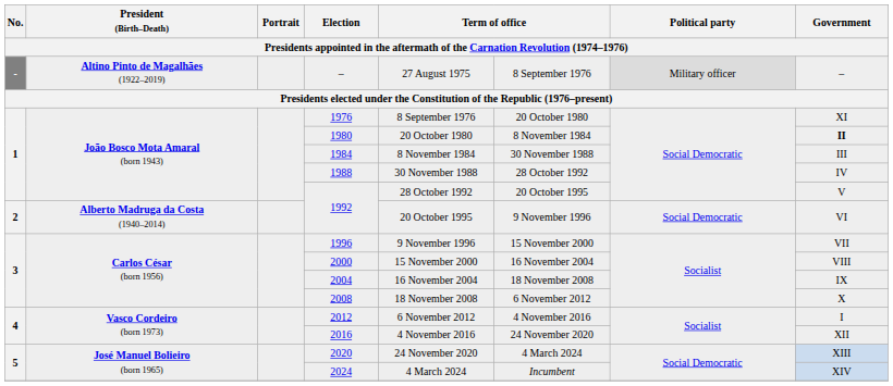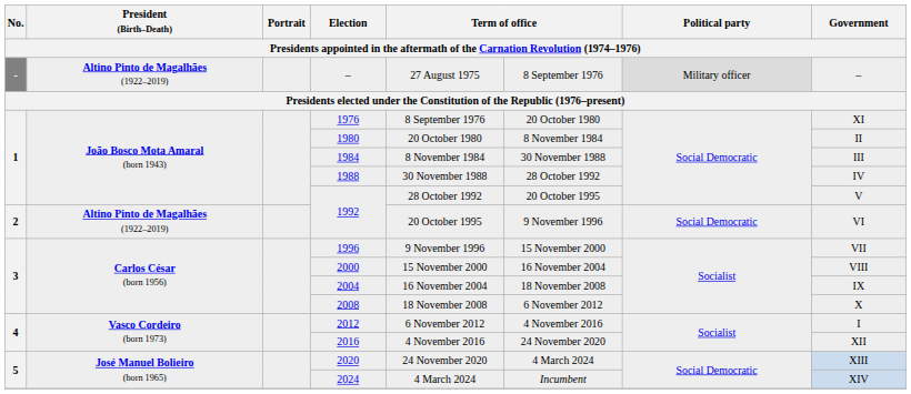 <table class="wikitable" style="text-align:center; font-size:95%; width=100%; line-height:19px;">
 <tr>
 <th width=1%>No.</th>
 <th width=25%>President<br><small>(Birth–Death)</small></th>
 <th width=5%>Portrait</th>
 <th width=8%>Election</th>
 <th colspan="2" width=25%>Term of office</th>
 <th width=20%>Political party</th>
 <th width=10%>Government</th>
 </tr>
 <tr style="background:#cccccc">
 <th colspan="9">Presidents appointed in the aftermath of the <a href='#'>Carnation Revolution</a> (1974–1976)</th>
 </tr>
 <tr bgcolor=#EEEEEE>
 <th style="background:gray; color:white;">-</th>
 <td><strong><a href='#'>Altino Pinto de Magalhães</a></strong><br><small>(1922–2019)</small></td>
 <td></td>
 <td>–</td>
 <td>27 August 1975</td>
 <td>8 September 1976</td>
 <td bgcolor=#DCDCDC>Military officer</td>
 <td>–</td>
 </tr>
 <tr style="background:#cccccc">
 <th colspan=9>Presidents elected under the Constitution of the Republic (1976–present)</th>
 </tr>
 <tr bgcolor=#EEEEEE>
 <th rowspan=5 style="background:">1</th>
 <td rowspan=5><strong><a href='#'>João Bosco Mota Amaral</a></strong><br><small>(born 1943)</small></td>
 <td rowspan=5></td>
 <td><a href='#'>1976</a></td>
 <td>8 September 1976</td>
 <td>20 October 1980</td>
 <td rowspan=5 ><a href='#'>Social Democratic</a></td>
 <td>XI </td>
 </tr>
 <tr bgcolor=#EEEEEE>
 <td><a href='#'>1980</a></td>
 <td>20 October 1980</td>
 <td>8 November 1984</td>
-<td><strong>II </strong></td>
+<td>II </td>
 </tr>
 <tr bgcolor=#EEEEEE>
 <td><a href='#'>1984</a></td>
 <td>8 November 1984</td>
 <td>30 November 1988</td>
 <td>III </td>
 </tr>
 <tr bgcolor=#EEEEEE>
 <td><a href='#'>1988</a></td>
 <td>30 November 1988</td>
 <td>28 October 1992</td>
 <td>IV </td>
 </tr>
 <tr bgcolor=#EEEEEE>
 <td rowspan=2><a href='#'>1992</a></td>
 <td>28 October 1992</td>
 <td>20 October 1995</td>
 <td>V </td>
 </tr>
 <tr bgcolor=#EEEEEE>
 <th style="background:">2</th>
-<td><strong><a href='#'>Alberto Madruga da Costa</a></strong><br><small>(1940–2014)</small></td>
+<td><strong><a href='#'>Altino Pinto de Magalhães</a></strong><br><small>(1922–2019)</small></td>
 <td></td>
 <td>20 October 1995</td>
 <td>9 November 1996</td>
 <td><a href='#'>Social Democratic</a></td>
 <td>VI </td>
 </tr>
 <tr bgcolor=#EEEEEE>
 <th rowspan=4 style="background:">3</th>
 <td rowspan=4><strong><a href='#'>Carlos César</a></strong><br><small>(born 1956)</small></td>
 <td rowspan=4></td>
 <td><a href='#'>1996</a></td>
 <td>9 November 1996</td>
 <td>15 November 2000</td>
 <td rowspan=4 ><a href='#'>Socialist</a></td>
 <td>VII </td>
 </tr>
 <tr bgcolor=#EEEEEE>
 <td><a href='#'>2000</a></td>
 <td>15 November 2000</td>
 <td>16 November 2004</td>
 <td>VIII </td>
 </tr>
 <tr bgcolor=#EEEEEE>
 <td><a href='#'>2004</a></td>
 <td>16 November 2004</td>
 <td>18 November 2008</td>
 <td>IX </td>
 </tr>
 <tr bgcolor=#EEEEEE>
 <td><a href='#'>2008</a></td>
 <td>18 November 2008</td>
 <td>6 November 2012</td>
 <td>X </td>
 </tr>
 <tr bgcolor=#EEEEEE>
 <th rowspan=2 style="background:">4</th>
 <td rowspan=2><strong><a href='#'>Vasco Cordeiro</a></strong><br><small>(born 1973)</small></td>
 <td rowspan=2></td>
 <td><a href='#'>2012</a></td>
 <td>6 November 2012</td>
 <td>4 November 2016</td>
 <td rowspan=2 ><a href='#'>Socialist</a></td>
 <td>I </td>
 </tr>
 <tr bgcolor=#EEEEEE>
 <td><a href='#'>2016</a></td>
 <td>4 November 2016</td>
 <td>24 November 2020</td>
 <td>XII </td>
 </tr>
 <tr bgcolor=#EEEEEE>
 <th rowspan=2 style="background:">5</th>
 <td rowspan=2><strong><a href='#'>José Manuel Bolieiro</a></strong><br><small>(born 1965)</small></td>
 <td rowspan=2></td>
 <td><a href='#'>2020</a></td>
 <td>24 November 2020</td>
 <td>4 March 2024</td>
 <td rowspan=2 ><a href='#'>Social Democratic</a></td>
 <td style="background:#CBDCEF">XIII </td>
 </tr>
 <tr bgcolor=#EEEEEE>
 <td><a href='#'>2024</a></td>
 <td>4 March 2024</td>
 <td><em>Incumbent</em></td>
 <td style="background:#CBDCEF">XIV </td>
 </tr>
 <tr bgcolor=#EEEEEE>
 </tr>
 </table>
